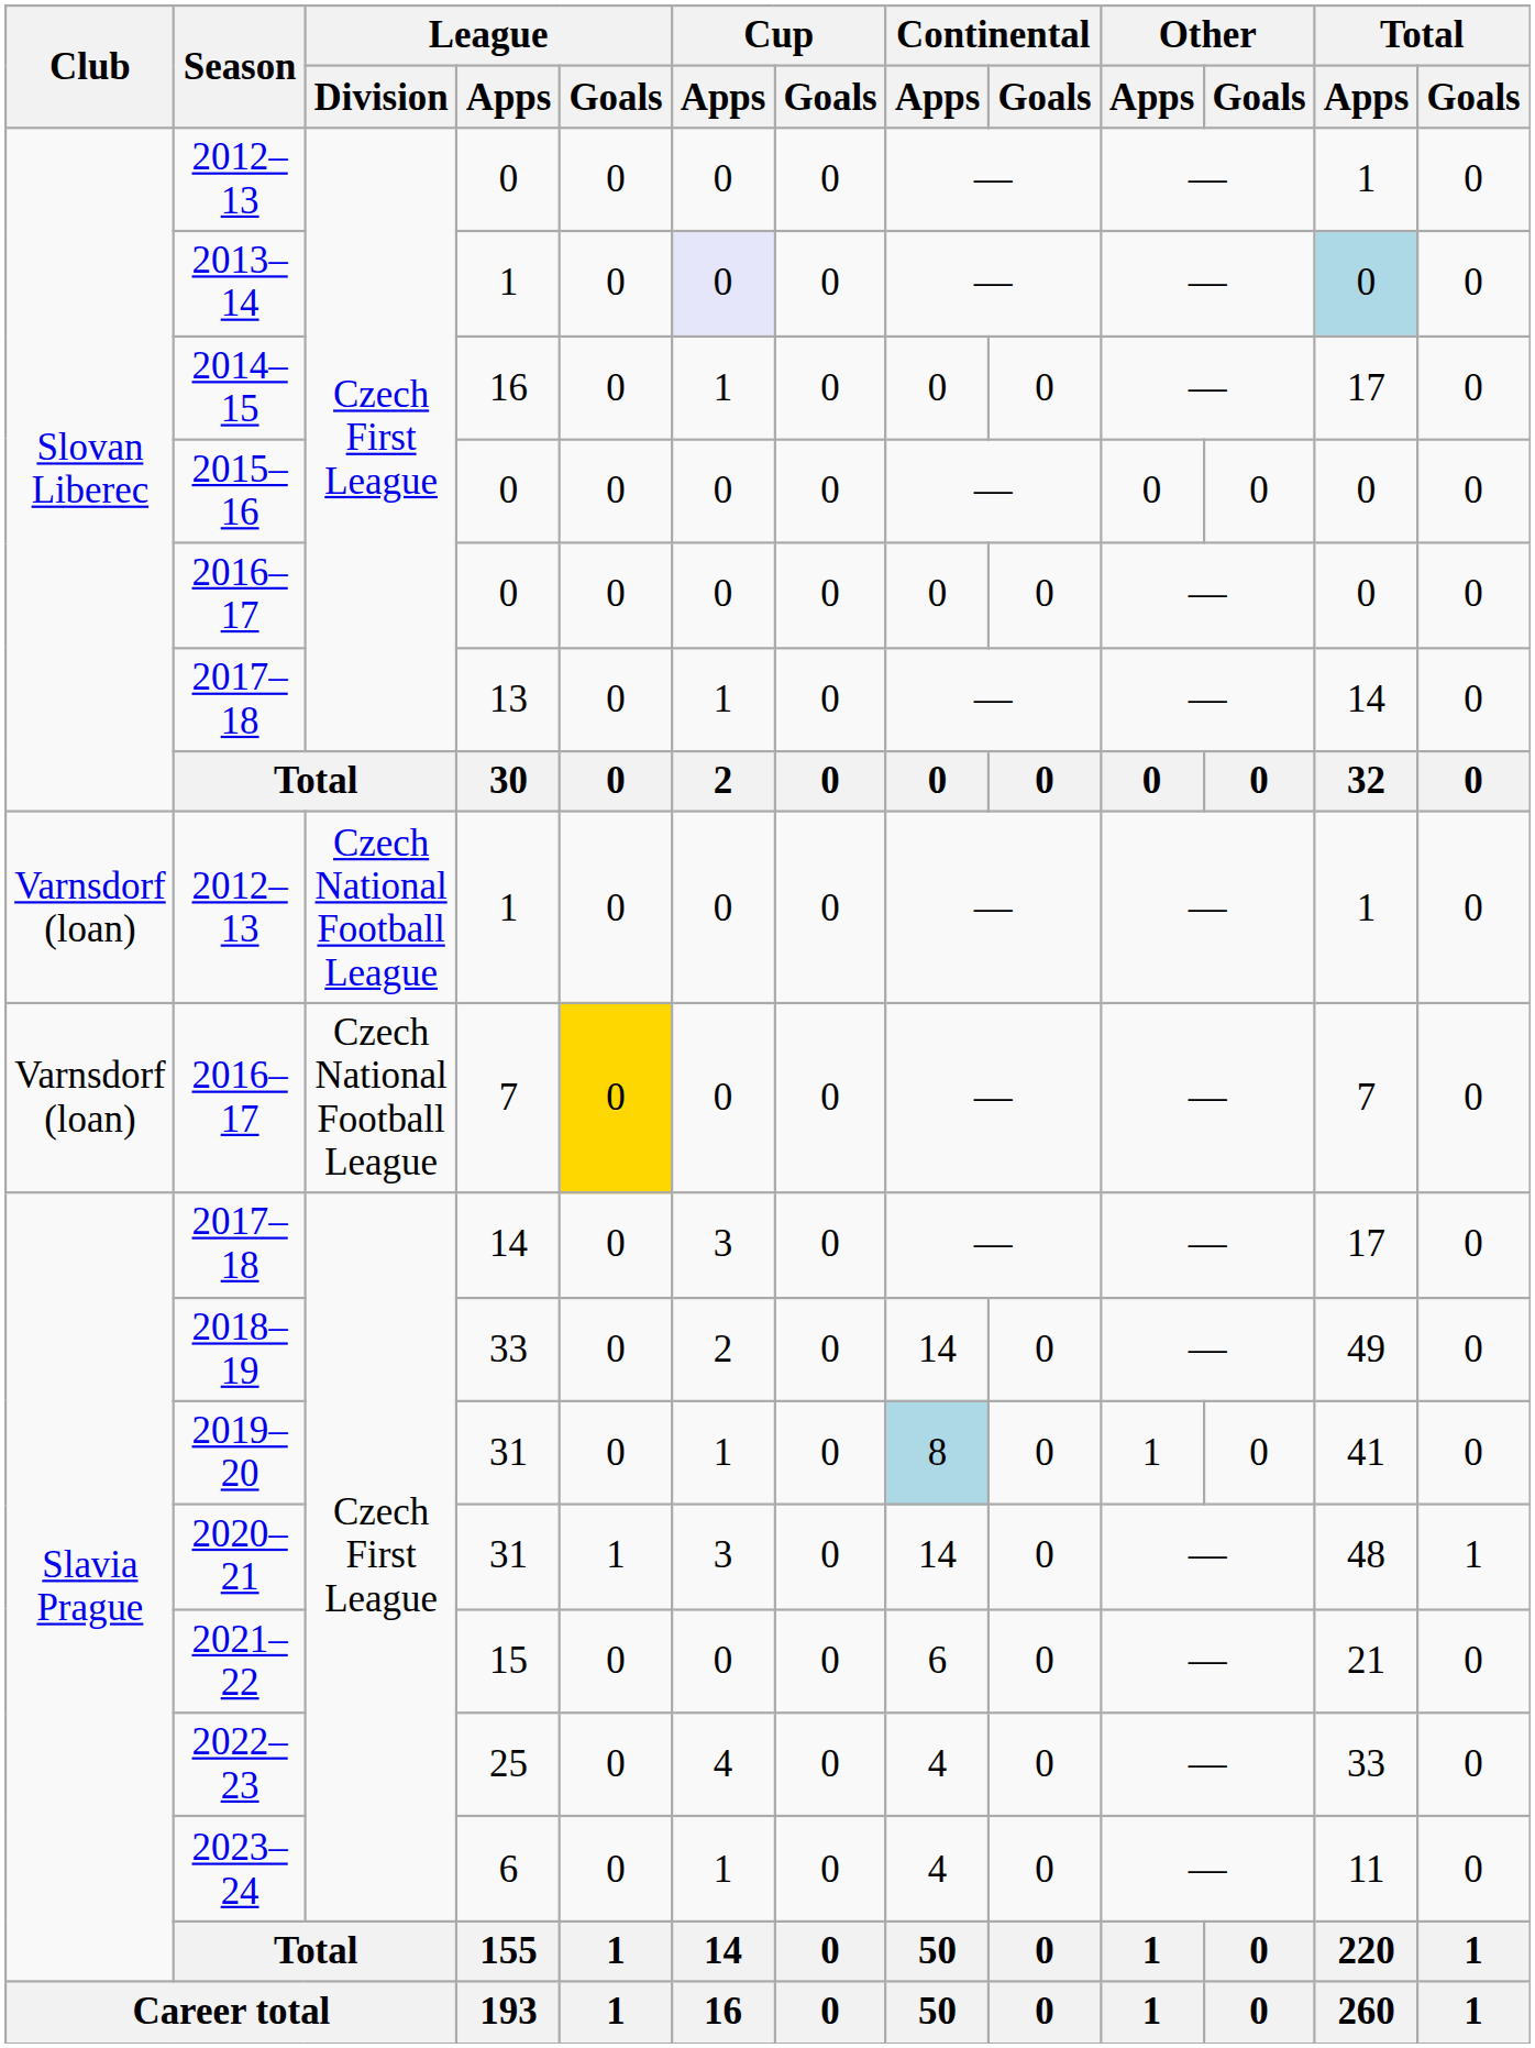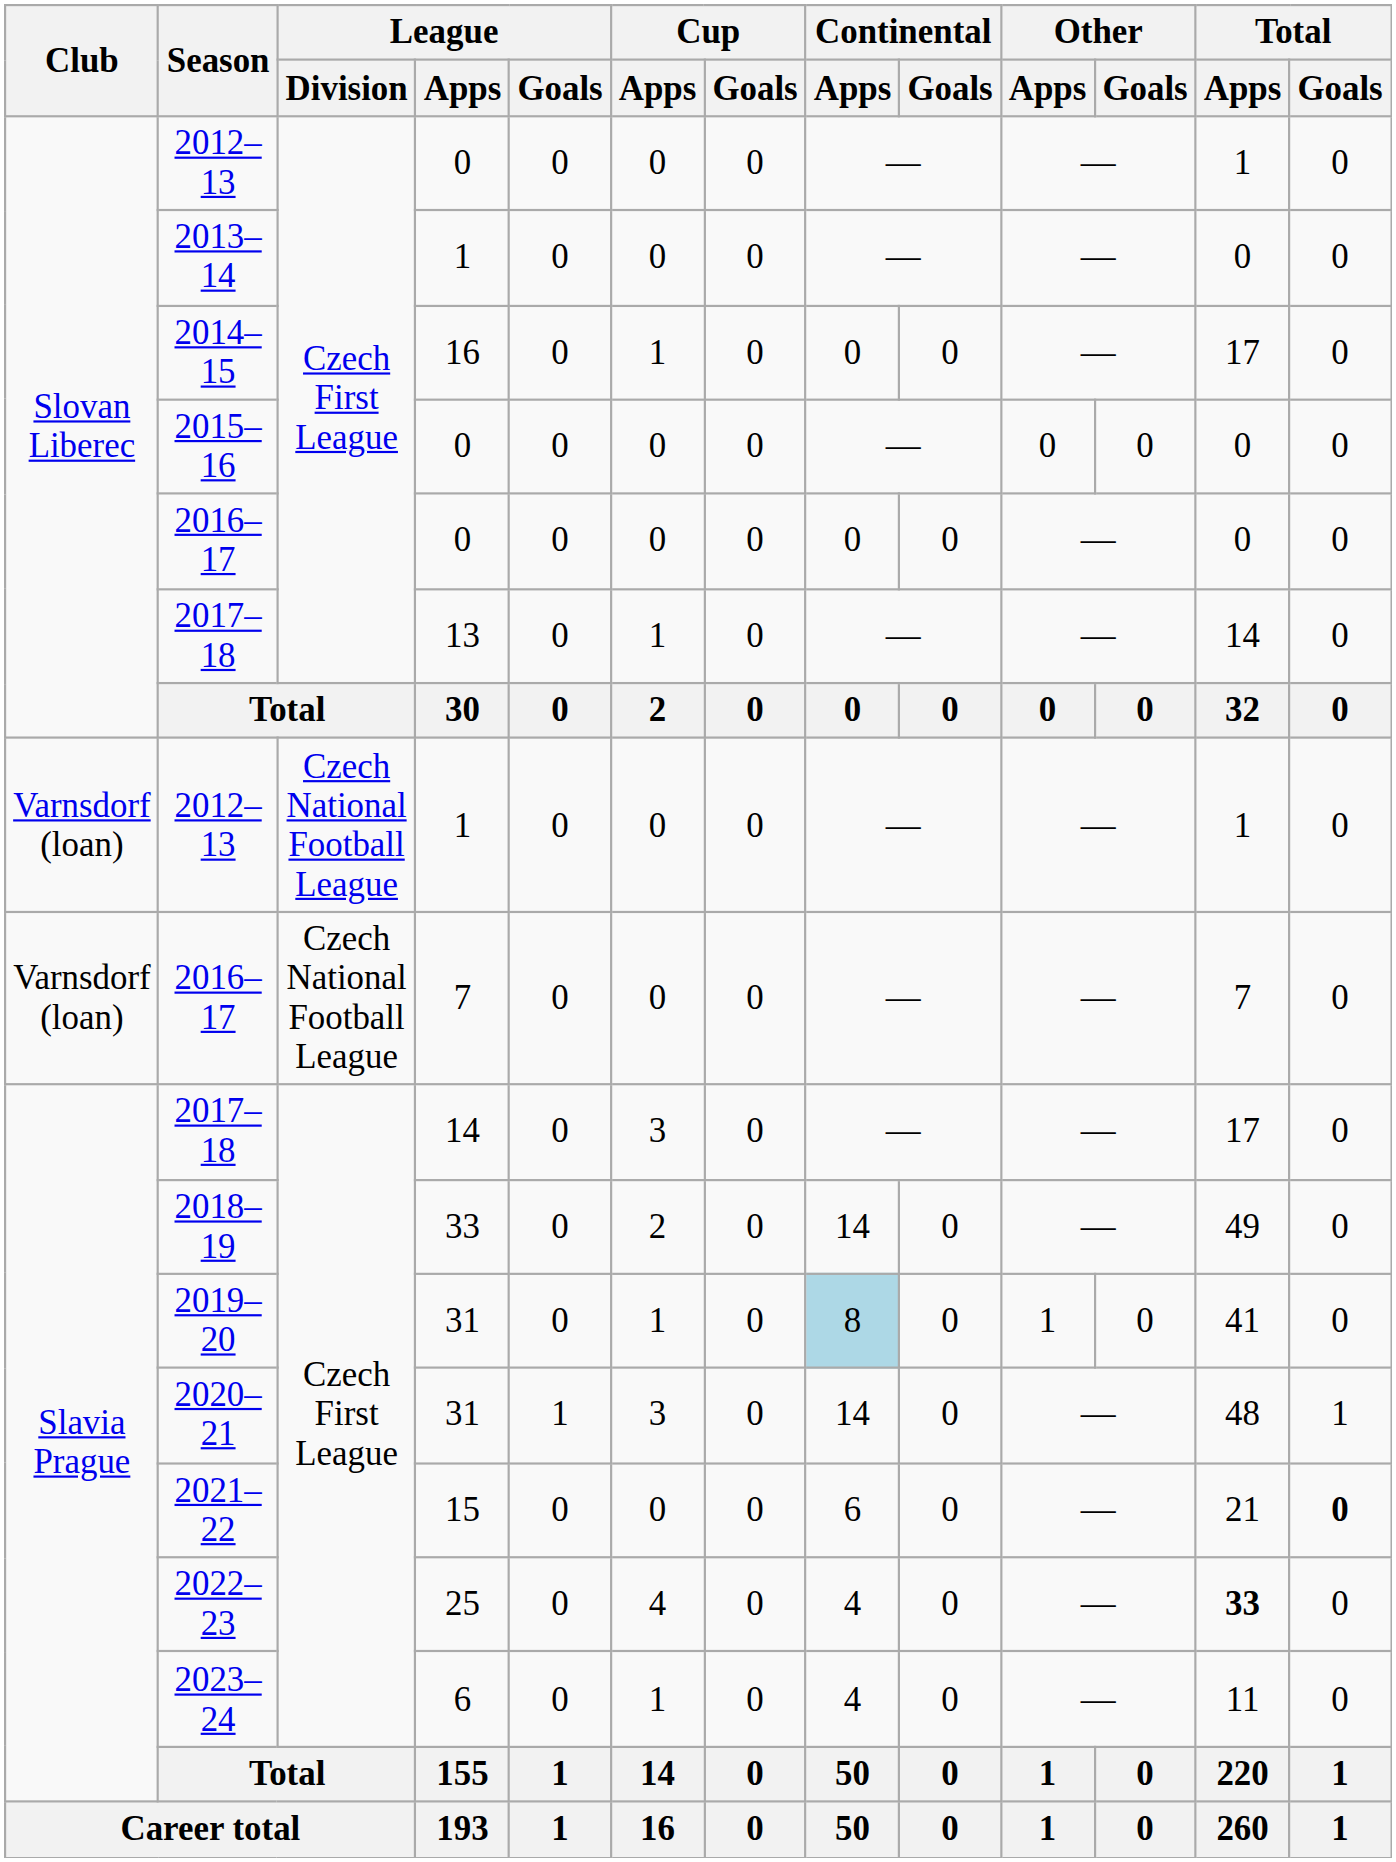 <table class="wikitable" style="text-align: center">
 <tr>
 <th rowspan="2">Club</th>
 <th rowspan="2">Season</th>
 <th colspan="3">League</th>
 <th colspan="2">Cup</th>
 <th colspan="2">Continental</th>
 <th colspan="2">Other</th>
 <th colspan="2">Total</th>
 </tr>
 <tr>
 <th>Division</th>
 <th>Apps</th>
 <th>Goals</th>
 <th>Apps</th>
 <th>Goals</th>
 <th>Apps</th>
 <th>Goals</th>
 <th>Apps</th>
 <th>Goals</th>
 <th>Apps</th>
 <th>Goals</th>
 </tr>
 <tr>
 <td rowspan="7"><a href='#'>Slovan Liberec</a></td>
 <td><a href='#'>2012–13</a></td>
 <td rowspan="6"><a href='#'>Czech First League</a></td>
 <td>0</td>
 <td>0</td>
 <td>0</td>
 <td>0</td>
 <td colspan="2">—</td>
 <td colspan="2">—</td>
 <td>1</td>
 <td>0</td>
 </tr>
 <tr>
 <td><a href='#'>2013–14</a></td>
 <td>1</td>
 <td>0</td>
-<td style="background: lavender;">0</td>
+<td>0</td>
 <td>0</td>
 <td colspan="2">—</td>
 <td colspan="2">—</td>
-<td style="background: lightblue;">0</td>
+<td>0</td>
 <td>0</td>
 </tr>
 <tr>
 <td><a href='#'>2014–15</a></td>
 <td>16</td>
 <td>0</td>
 <td>1</td>
 <td>0</td>
 <td>0</td>
 <td>0</td>
 <td colspan="2">—</td>
 <td>17</td>
 <td>0</td>
 </tr>
 <tr>
 <td><a href='#'>2015–16</a></td>
 <td>0</td>
 <td>0</td>
 <td>0</td>
 <td>0</td>
 <td colspan="2">—</td>
 <td>0</td>
 <td>0</td>
 <td>0</td>
 <td>0</td>
 </tr>
 <tr>
 <td><a href='#'>2016–17</a></td>
 <td>0</td>
 <td>0</td>
 <td>0</td>
 <td>0</td>
 <td>0</td>
 <td>0</td>
 <td colspan="2">—</td>
 <td>0</td>
 <td>0</td>
 </tr>
 <tr>
 <td><a href='#'>2017–18</a></td>
 <td>13</td>
 <td>0</td>
 <td>1</td>
 <td>0</td>
 <td colspan="2">—</td>
 <td colspan="2">—</td>
 <td>14</td>
 <td>0</td>
 </tr>
 <tr>
 <th colspan="2">Total</th>
 <th>30</th>
 <th>0</th>
 <th>2</th>
 <th>0</th>
 <th>0</th>
 <th>0</th>
 <th>0</th>
 <th>0</th>
 <th>32</th>
 <th>0</th>
 </tr>
 <tr>
 <td><a href='#'>Varnsdorf</a> (loan)</td>
 <td><a href='#'>2012–13</a></td>
 <td><a href='#'>Czech National Football League</a></td>
 <td>1</td>
 <td>0</td>
 <td>0</td>
 <td>0</td>
 <td colspan="2">—</td>
 <td colspan="2">—</td>
 <td>1</td>
 <td>0</td>
 </tr>
 <tr>
 <td>Varnsdorf (loan)</td>
 <td><a href='#'>2016–17</a></td>
 <td>Czech National Football League</td>
 <td>7</td>
-<td style="background: gold;">0</td>
+<td>0</td>
 <td>0</td>
 <td>0</td>
 <td colspan="2">—</td>
 <td colspan="2">—</td>
 <td>7</td>
 <td>0</td>
 </tr>
 <tr>
 <td rowspan="8"><a href='#'>Slavia Prague</a></td>
 <td><a href='#'>2017–18</a></td>
 <td rowspan="7">Czech First League</td>
 <td>14</td>
 <td>0</td>
 <td>3</td>
 <td>0</td>
 <td colspan="2">—</td>
 <td colspan="2">—</td>
 <td>17</td>
 <td>0</td>
 </tr>
 <tr>
 <td><a href='#'>2018–19</a></td>
 <td>33</td>
 <td>0</td>
 <td>2</td>
 <td>0</td>
 <td>14</td>
 <td>0</td>
 <td colspan="2">—</td>
 <td>49</td>
 <td>0</td>
 </tr>
 <tr>
 <td><a href='#'>2019–20</a></td>
 <td>31</td>
 <td>0</td>
 <td>1</td>
 <td>0</td>
 <td style="background: lightblue;">8</td>
 <td>0</td>
 <td>1</td>
 <td>0</td>
 <td>41</td>
 <td>0</td>
 </tr>
 <tr>
 <td><a href='#'>2020–21</a></td>
 <td>31</td>
 <td>1</td>
 <td>3</td>
 <td>0</td>
 <td>14</td>
 <td>0</td>
 <td colspan="2">—</td>
 <td>48</td>
 <td>1</td>
 </tr>
 <tr>
 <td><a href='#'>2021–22</a></td>
 <td>15</td>
 <td>0</td>
 <td>0</td>
 <td>0</td>
 <td>6</td>
 <td>0</td>
 <td colspan="2">—</td>
 <td>21</td>
-<td>0</td>
+<td><strong>0</strong></td>
 </tr>
 <tr>
 <td><a href='#'>2022–23</a></td>
 <td>25</td>
 <td>0</td>
 <td>4</td>
 <td>0</td>
 <td>4</td>
 <td>0</td>
 <td colspan="2">—</td>
-<td>33</td>
+<td><strong>33</strong></td>
 <td>0</td>
 </tr>
 <tr>
 <td><a href='#'>2023–24</a></td>
 <td>6</td>
 <td>0</td>
 <td>1</td>
 <td>0</td>
 <td>4</td>
 <td>0</td>
 <td colspan="2">—</td>
 <td>11</td>
 <td>0</td>
 </tr>
 <tr>
 <th colspan="2">Total</th>
 <th>155</th>
 <th>1</th>
 <th>14</th>
 <th>0</th>
 <th>50</th>
 <th>0</th>
 <th>1</th>
 <th>0</th>
 <th>220</th>
 <th>1</th>
 </tr>
 <tr>
 <th colspan="3">Career total</th>
 <th>193</th>
 <th>1</th>
 <th>16</th>
 <th>0</th>
 <th>50</th>
 <th>0</th>
 <th>1</th>
 <th>0</th>
 <th>260</th>
 <th>1</th>
 </tr>
 </table>
